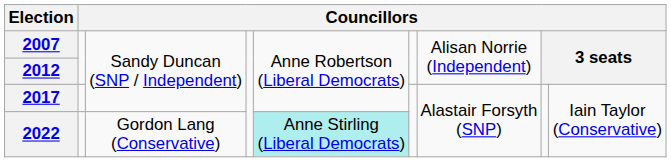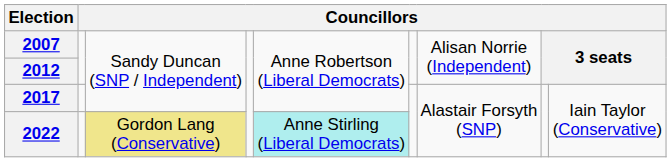 <table class="wikitable" style="text-align:center">
 <tr>
 <th>Election</th>
 <th colspan=8>Councillors</th>
 </tr>
 <tr>
 <th><a href='#'>2007</a></th>
 <td rowspan=2; style="background-color: "></td>
 <td rowspan=3>Sandy Duncan<br>(<a href='#'>SNP</a> / <a href='#'>Independent</a>)</td>
 <td rowspan=4; style="background-color: "></td>
 <td rowspan=3>Anne Robertson<br>(<a href='#'>Liberal Democrats</a>)</td>
 <td rowspan=2; style="background-color: "></td>
 <td rowspan=2>Alisan Norrie<br>(<a href='#'>Independent</a>)</td>
 <th colspan=2; rowspan=2>3 seats</th>
 </tr>
 <tr>
 <th><a href='#'>2012</a></th>
 </tr>
 <tr>
 <th><a href='#'>2017</a></th>
 <td rowspan=1; style="background-color: "></td>
 <td rowspan=2; style="background-color: "></td>
 <td rowspan=2>Alastair Forsyth<br>(<a href='#'>SNP</a>)</td>
 <td rowspan=2; style="background-color: "></td>
 <td rowspan=2>Iain Taylor<br>(<a href='#'>Conservative</a>)</td>
 </tr>
 <tr>
 <th><a href='#'>2022</a></th>
 <td rowspan=1; style="background-color: "></td>
-<td rowspan=1>Gordon Lang<br>(<a href='#'>Conservative</a>)</td>
+<td rowspan=1 style="background: khaki;">Gordon Lang<br>(<a href='#'>Conservative</a>)</td>
 <td rowspan=1 style="background: paleturquoise;">Anne Stirling<br>(<a href='#'>Liberal Democrats</a>)</td>
 </tr>
 </table>
